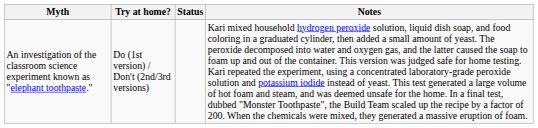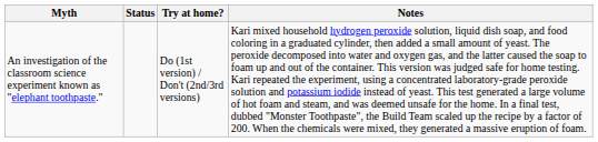 <table class="wikitable plainrowheaders">
 <tr>
 <th scope"col">Myth</th>
+<th scope"col">Status</th>
 <th scope"col">Try at home?</th>
-<th scope"col">Status</th>
 <th scope"col">Notes</th>
 </tr>
 <tr>
 <td scope"row">An investigation of the classroom science experiment known as "<a href='#'>elephant toothpaste</a>."</td>
+<td></td>
 <td><span>Do</span> (1st version) / <span>Don't</span> (2nd/3rd versions)</td>
-<td></td>
 <td>Kari mixed household <a href='#'>hydrogen peroxide</a> solution, liquid dish soap, and food coloring in a graduated cylinder, then added a small amount of yeast. The peroxide decomposed into water and oxygen gas, and the latter caused the soap to foam up and out of the container. This version was judged safe for home testing.<br>Kari repeated the experiment, using a concentrated laboratory-grade peroxide solution and <a href='#'>potassium iodide</a> instead of yeast. This test generated a large volume of hot foam and steam, and was deemed unsafe for the home. In a final test, dubbed "Monster Toothpaste", the Build Team scaled up the recipe by a factor of 200. When the chemicals were mixed, they generated a massive eruption of foam.</td>
 </tr>
 </table>
